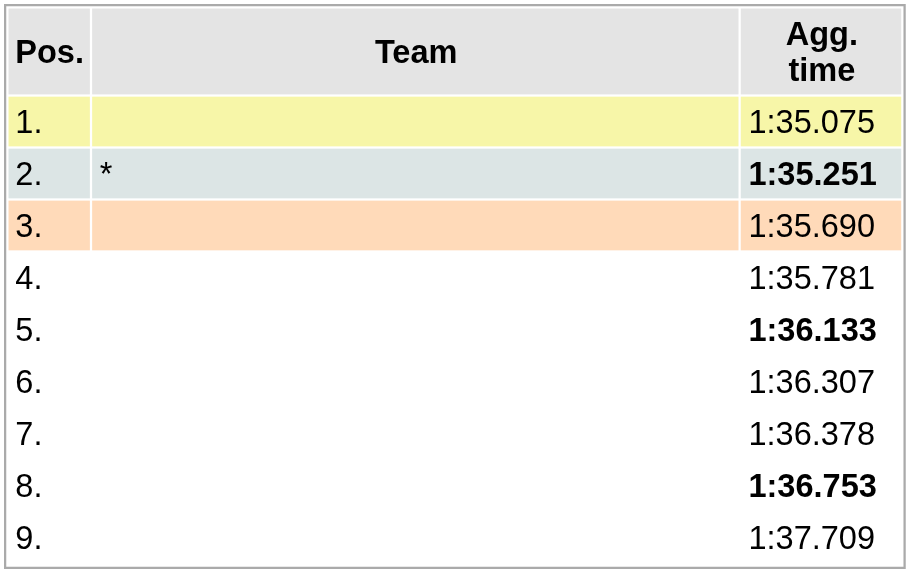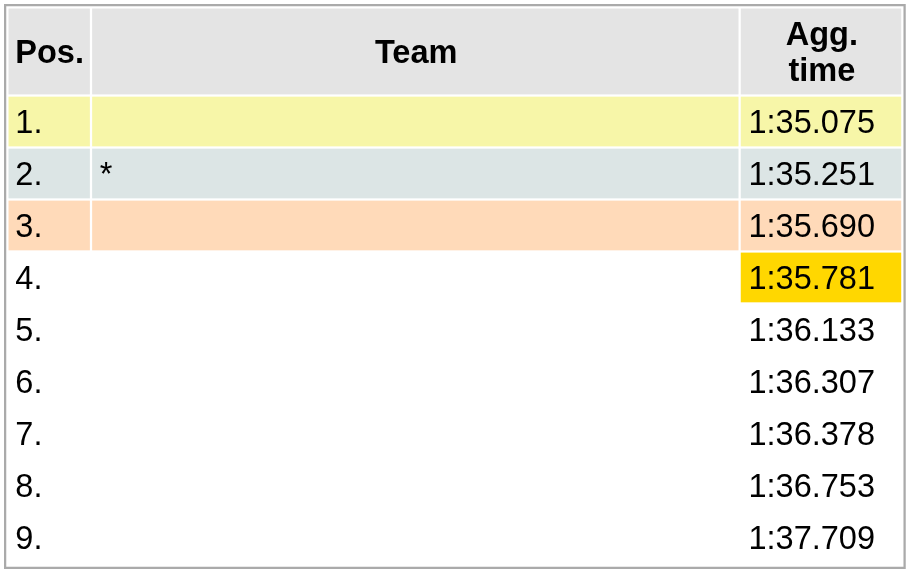 <table cellspacing="1" cellpadding="3" style="border:1px solid #aaa; font-size:90%;">
 <tr style="background:#e4e4e4;">
 <th style="width:10px;">Pos.</th>
 <th style="width:280px;">Team</th>
 <th style="width:65px;">Agg. time</th>
 </tr>
 <tr style="background:#f7f6a8;">
 <td>1.</td>
 <td align="left"></td>
 <td>1:35.075</td>
 </tr>
 <tr style="background:#dce5e5;">
 <td>2.</td>
 <td align="left">*</td>
-<td><strong>1:35.251</strong></td>
+<td>1:35.251</td>
 </tr>
 <tr style="background:#ffdab9;">
 <td>3.</td>
 <td align="left"></td>
 <td>1:35.690</td>
 </tr>
 <tr>
 <td>4.</td>
 <td align="left"></td>
-<td>1:35.781</td>
+<td style="background: gold;">1:35.781</td>
 </tr>
 <tr>
 <td>5.</td>
 <td align="left"></td>
-<td><strong>1:36.133</strong></td>
+<td>1:36.133</td>
 </tr>
 <tr>
 <td>6.</td>
 <td align="left"></td>
 <td>1:36.307</td>
 </tr>
 <tr>
 <td>7.</td>
 <td align="left"></td>
 <td>1:36.378</td>
 </tr>
 <tr>
 <td>8.</td>
 <td align="left"></td>
-<td><strong>1:36.753</strong></td>
+<td>1:36.753</td>
 </tr>
 <tr>
 <td>9.</td>
 <td align="left"></td>
 <td>1:37.709</td>
 </tr>
 <tr>
 </tr>
 </table>
